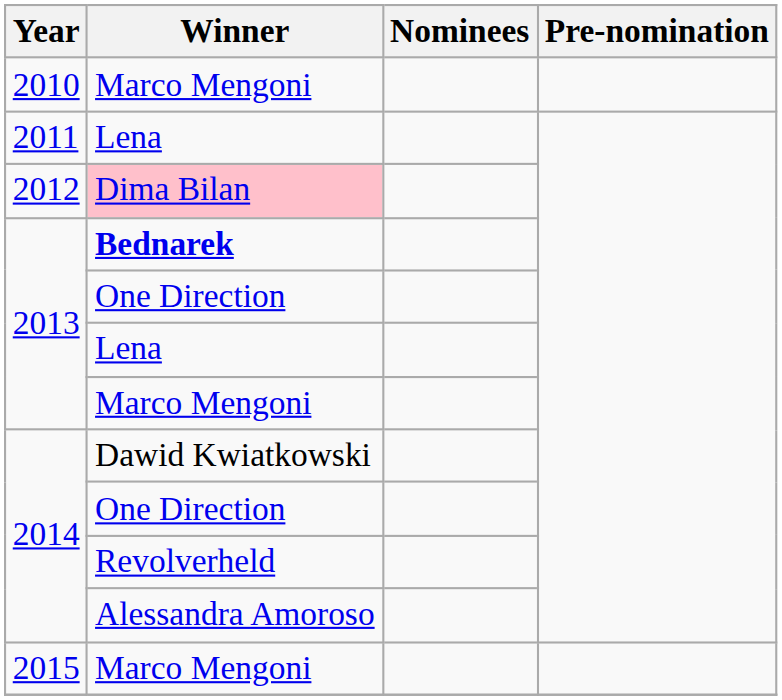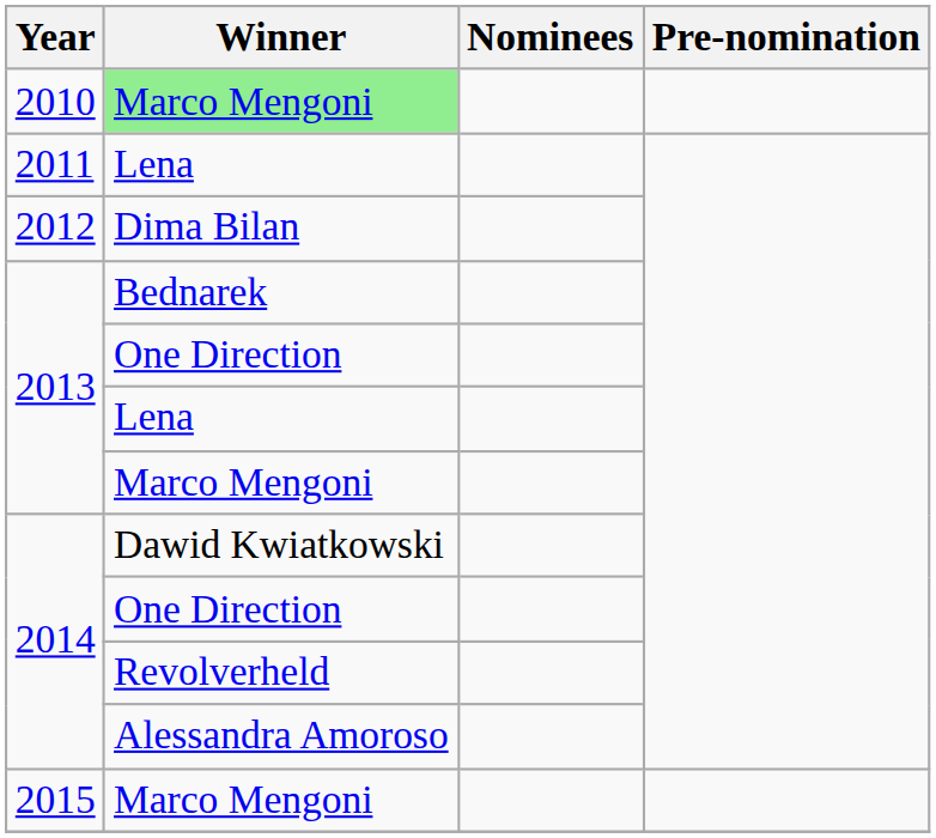 <table class="wikitable">
 <tr>
 <th>Year</th>
 <th>Winner</th>
 <th>Nominees</th>
 <th>Pre-nomination</th>
 </tr>
 <tr>
 <td><a href='#'>2010</a></td>
-<td><a href='#'>Marco Mengoni</a></td>
+<td style="background: lightgreen;"><a href='#'>Marco Mengoni</a></td>
 <td></td>
 <td></td>
 </tr>
 <tr>
 <td><a href='#'>2011</a></td>
 <td><a href='#'>Lena</a></td>
 <td></td>
 <td rowspan=10></td>
 </tr>
 <tr>
 <td><a href='#'>2012</a></td>
-<td style="background: pink;"><a href='#'>Dima Bilan</a></td>
+<td><a href='#'>Dima Bilan</a></td>
 <td></td>
 </tr>
 <tr>
 <td rowspan="4"><a href='#'>2013</a></td>
-<td><strong><a href='#'>Bednarek</a> </strong></td>
+<td><a href='#'>Bednarek</a> </td>
 <td></td>
 </tr>
 <tr>
 <td><a href='#'>One Direction</a> </td>
 <td></td>
 </tr>
 <tr>
 <td><a href='#'>Lena</a> </td>
 <td></td>
 </tr>
 <tr>
 <td><a href='#'>Marco Mengoni</a> </td>
 <td></td>
 </tr>
 <tr>
 <td rowspan="4"><a href='#'>2014</a></td>
 <td>Dawid Kwiatkowski  </td>
 <td></td>
 </tr>
 <tr>
 <td><a href='#'>One Direction</a>   </td>
 <td></td>
 </tr>
 <tr>
 <td><a href='#'>Revolverheld</a>  </td>
 <td></td>
 </tr>
 <tr>
 <td><a href='#'>Alessandra Amoroso</a>  </td>
 <td></td>
 </tr>
 <tr>
 <td><a href='#'>2015</a></td>
 <td><a href='#'>Marco Mengoni</a></td>
 <td></td>
 <td></td>
 </tr>
 <tr>
 </tr>
 </table>
